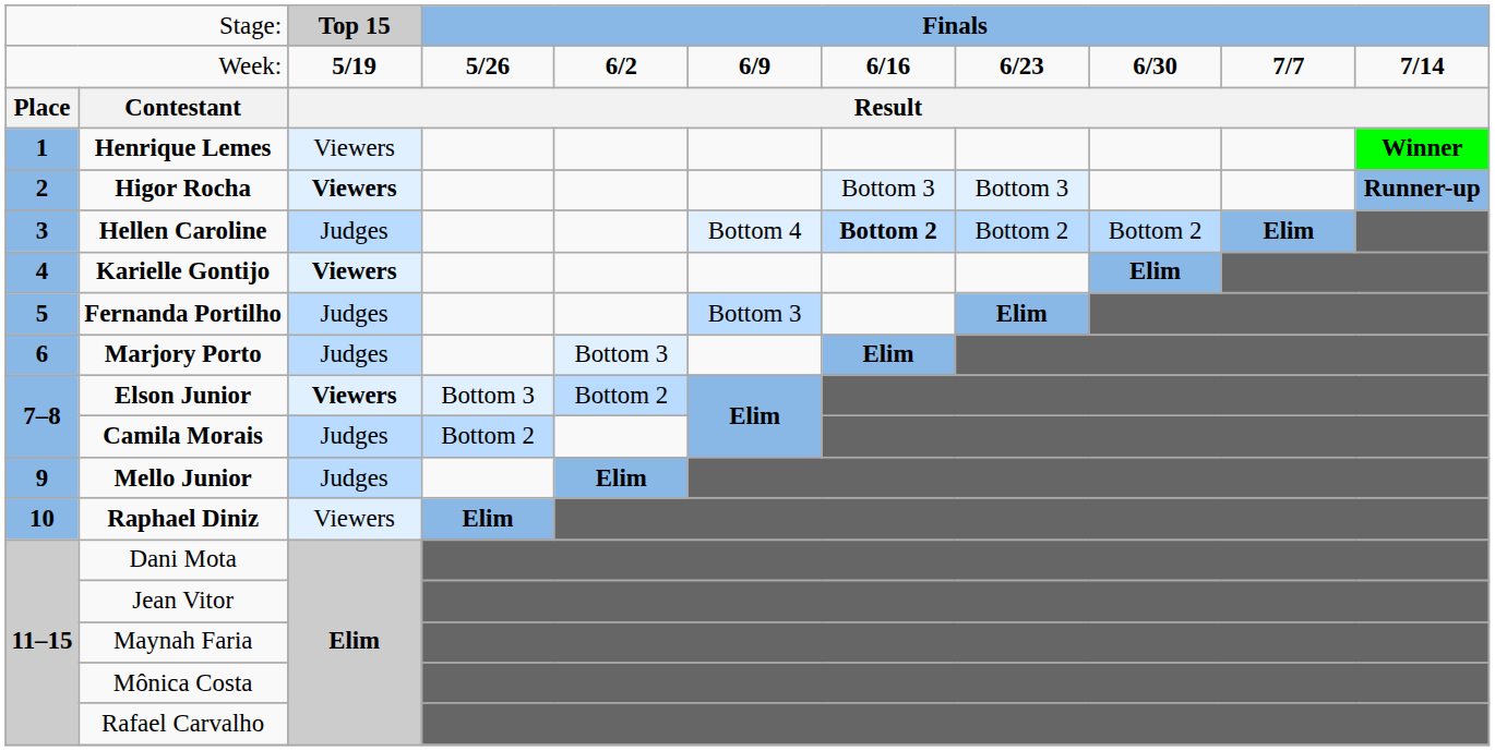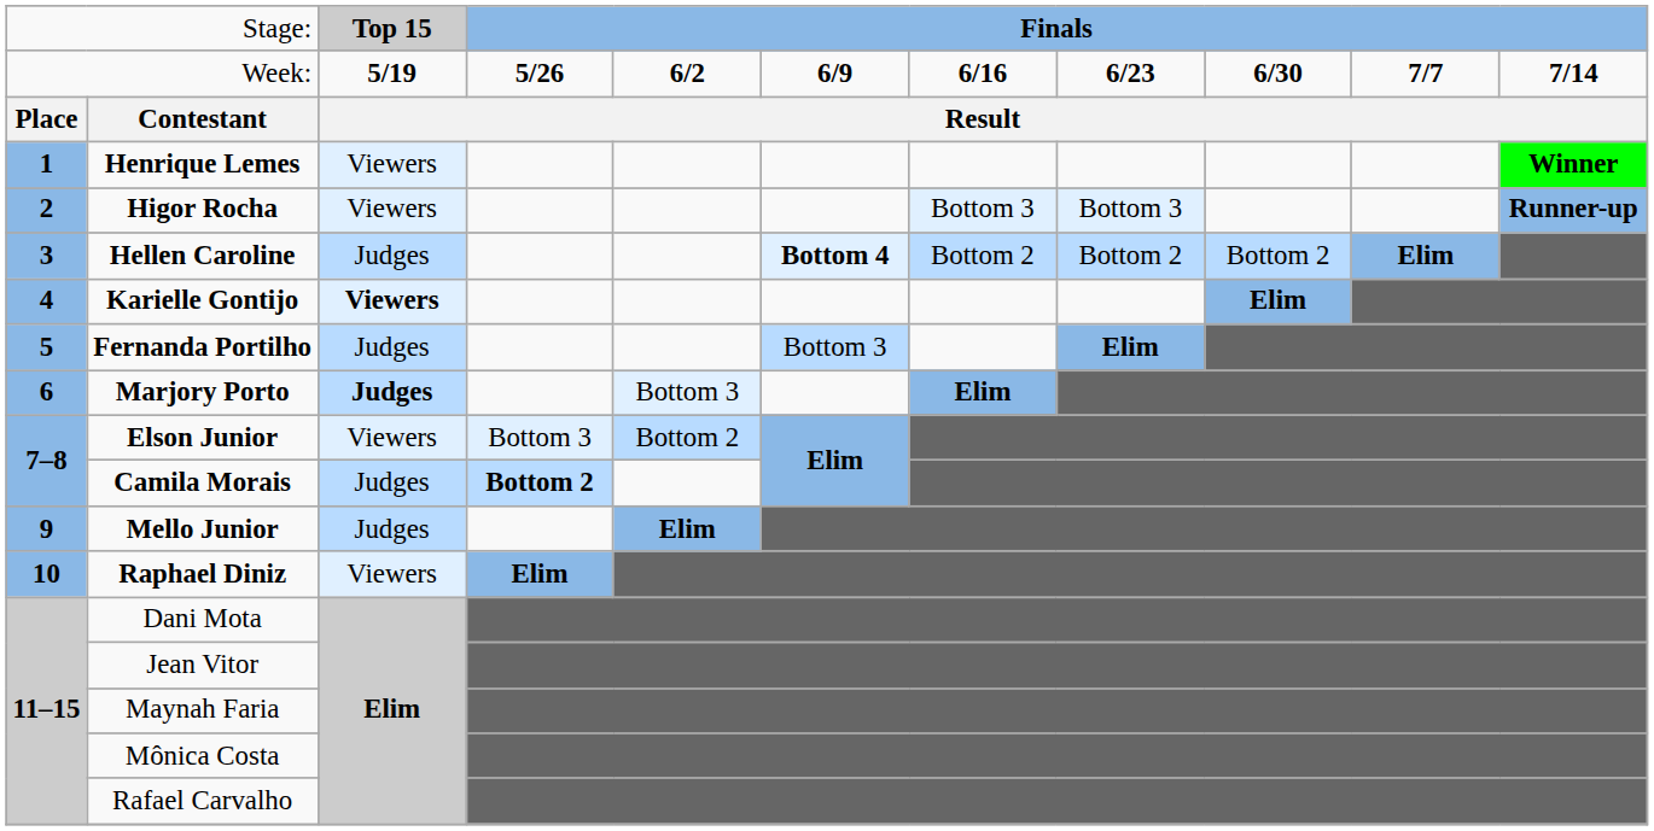 <table class="wikitable" style="margin: 1em auto; text-align:center; font-size:85%">
 <tr>
 <td align="right" colspan=2>Stage:</td>
 <td bgcolor="CCCCCC" colspan=1><strong>Top 15</strong></td>
 <td bgcolor="8AB8E6" colspan=8><strong>Finals</strong></td>
 </tr>
 <tr>
 <td align="right" colspan=2>Week:</td>
 <td width=09%><strong>5/19</strong></td>
 <td width=09%><strong>5/26</strong></td>
 <td width=09%><strong>6/2</strong></td>
 <td width=09%><strong>6/9</strong></td>
 <td width=09%><strong>6/16</strong></td>
 <td width=09%><strong>6/23</strong></td>
 <td width=09%><strong>6/30</strong></td>
 <td width=09%><strong>7/7</strong></td>
 <td width=09%><strong>7/14</strong></td>
 </tr>
 <tr>
 <th>Place</th>
 <th>Contestant</th>
 <th align="center" colspan=9>Result</th>
 </tr>
 <tr>
 <td bgcolor="8AB8E6"><strong>1</strong></td>
 <td><strong>Henrique Lemes</strong></td>
 <td bgcolor="E0F0FF">Viewers</td>
 <td></td>
 <td></td>
 <td></td>
 <td></td>
 <td></td>
 <td></td>
 <td></td>
 <td bgcolor="00FF00"><strong>Winner</strong></td>
 </tr>
 <tr>
 <td bgcolor="8AB8E6"><strong>2</strong></td>
 <td><strong>Higor Rocha</strong></td>
-<td bgcolor="E0F0FF"><strong>Viewers</strong></td>
+<td bgcolor="E0F0FF">Viewers</td>
 <td></td>
 <td></td>
 <td></td>
 <td bgcolor="E0F0FF">Bottom 3</td>
 <td bgcolor="E0F0FF">Bottom 3</td>
 <td></td>
 <td></td>
 <td bgcolor="8AB8E6"><strong>Runner-up</strong></td>
 </tr>
 <tr>
 <td bgcolor="8AB8E6"><strong>3</strong></td>
 <td><strong>Hellen Caroline</strong></td>
 <td bgcolor="B8DBFF">Judges</td>
 <td></td>
 <td></td>
-<td bgcolor="E0F0FF">Bottom 4</td>
-<td bgcolor="B8DBFF"><strong>Bottom 2</strong></td>
+<td bgcolor="E0F0FF"><strong>Bottom 4</strong></td>
+<td bgcolor="B8DBFF">Bottom 2</td>
 <td bgcolor="B8DBFF">Bottom 2</td>
 <td bgcolor="B8DBFF">Bottom 2</td>
 <td bgcolor="8AB8E6"><strong>Elim</strong></td>
 <td bgcolor="666666"></td>
 </tr>
 <tr>
 <td bgcolor="8AB8E6"><strong>4</strong></td>
 <td><strong>Karielle Gontijo</strong></td>
 <td bgcolor="E0F0FF"><strong>Viewers</strong></td>
 <td></td>
 <td></td>
 <td></td>
 <td></td>
 <td></td>
 <td bgcolor="8AB8E6"><strong>Elim</strong></td>
 <td bgcolor="666666" colspan=2></td>
 </tr>
 <tr>
 <td bgcolor="8AB8E6"><strong>5</strong></td>
 <td><strong>Fernanda Portilho</strong></td>
 <td bgcolor="B8DBFF">Judges</td>
 <td></td>
 <td></td>
 <td bgcolor="B8DBFF">Bottom 3</td>
 <td></td>
 <td bgcolor="8AB8E6"><strong>Elim</strong></td>
 <td bgcolor="666666" colspan=3></td>
 </tr>
 <tr>
 <td bgcolor="8AB8E6"><strong>6</strong></td>
 <td><strong>Marjory Porto</strong></td>
-<td bgcolor="B8DBFF">Judges</td>
+<td bgcolor="B8DBFF"><strong>Judges</strong></td>
 <td></td>
 <td bgcolor="E0F0FF">Bottom 3</td>
 <td></td>
 <td bgcolor="8AB8E6"><strong>Elim</strong></td>
 <td bgcolor="666666" colspan=4></td>
 </tr>
 <tr>
 <td bgcolor="8AB8E6" rowspan=2><strong>7–8</strong></td>
 <td><strong>Elson Junior</strong></td>
-<td bgcolor="E0F0FF"><strong>Viewers</strong></td>
+<td bgcolor="E0F0FF">Viewers</td>
 <td bgcolor="E0F0FF">Bottom 3</td>
 <td bgcolor="B8DBFF">Bottom 2</td>
 <td bgcolor="8AB8E6" rowspan=2><strong>Elim</strong></td>
 <td bgcolor="666666" colspan=5></td>
 </tr>
 <tr>
 <td><strong>Camila Morais</strong></td>
 <td bgcolor="B8DBFF">Judges</td>
-<td bgcolor="B8DBFF">Bottom 2</td>
+<td bgcolor="B8DBFF"><strong>Bottom 2</strong></td>
 <td></td>
 <td bgcolor="666666" colspan=5></td>
 </tr>
 <tr>
 <td bgcolor="8AB8E6"><strong>9</strong></td>
 <td><strong>Mello Junior</strong></td>
 <td bgcolor="B8DBFF">Judges</td>
 <td></td>
 <td bgcolor="8AB8E6"><strong>Elim</strong></td>
 <td bgcolor="666666" colspan=6></td>
 </tr>
 <tr>
 <td bgcolor="8AB8E6"><strong>10</strong></td>
 <td><strong>Raphael Diniz</strong></td>
 <td bgcolor="E0F0FF">Viewers</td>
 <td bgcolor="8AB8E6"><strong>Elim</strong></td>
 <td bgcolor="666666" colspan=7></td>
 </tr>
 <tr>
 <td rowspan=5 bgcolor="CCCCCC"><strong>11–15</strong></td>
 <td>Dani Mota</td>
 <td rowspan=5 bgcolor="CCCCCC"><strong>Elim</strong></td>
 <td bgcolor="666666" colspan=8></td>
 </tr>
 <tr>
 <td>Jean Vitor</td>
 <td bgcolor="666666" colspan=8></td>
 </tr>
 <tr>
 <td>Maynah Faria</td>
 <td bgcolor="666666" colspan=8></td>
 </tr>
 <tr>
 <td>Mônica Costa</td>
 <td bgcolor="666666" colspan=8></td>
 </tr>
 <tr>
 <td>Rafael Carvalho</td>
 <td bgcolor="666666" colspan=8></td>
 </tr>
 <tr>
 </tr>
 </table>
